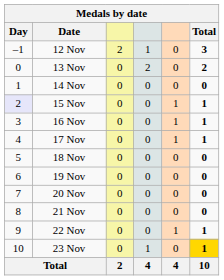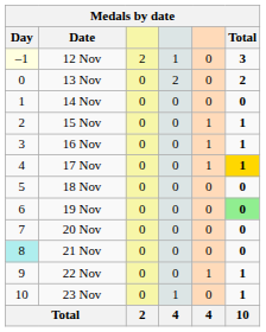 <table class="wikitable" style="font-size:90%; text-align:center;">
 <tr style="background:#efefef;">
 <th colspan=6><strong>Medals by date</strong></th>
 </tr>
 <tr>
 <th width=30><strong>Day</strong></th>
 <th width=90><strong>Date</strong></th>
 <th width=30 style="background:#F7F6A8;"></th>
 <th width=30 style="background:#DCE5E5;"></th>
 <th width=30 style="background:#FFDAB9;"></th>
 <th width=30><strong>Total</strong></th>
 </tr>
 <tr>
-<td>–1</td>
+<td style="background: lightyellow;">–1</td>
 <td>12 Nov</td>
 <td style="background:#F7F6A8;">2</td>
 <td style="background:#DCE5E5;">1</td>
 <td style="background:#FFDAB9;">0</td>
 <td><strong>3</strong></td>
 </tr>
 <tr>
 <td>0</td>
 <td>13 Nov</td>
 <td style="background:#F7F6A8;">0</td>
 <td style="background:#DCE5E5;">2</td>
 <td style="background:#FFDAB9;">0</td>
 <td><strong>2</strong></td>
 </tr>
 <tr>
 <td>1</td>
 <td>14 Nov</td>
 <td style="background:#F7F6A8;">0</td>
 <td style="background:#DCE5E5;">0</td>
 <td style="background:#FFDAB9;">0</td>
 <td><strong>0</strong></td>
 </tr>
 <tr>
-<td style="background: lavender;">2</td>
+<td>2</td>
 <td>15 Nov</td>
 <td style="background:#F7F6A8;">0</td>
 <td style="background:#DCE5E5;">0</td>
 <td style="background:#FFDAB9;">1</td>
 <td><strong>1</strong></td>
 </tr>
 <tr>
 <td>3</td>
 <td>16 Nov</td>
 <td style="background:#F7F6A8;">0</td>
 <td style="background:#DCE5E5;">0</td>
 <td style="background:#FFDAB9;">1</td>
 <td><strong>1</strong></td>
 </tr>
 <tr>
 <td>4</td>
 <td>17 Nov</td>
 <td style="background:#F7F6A8;">0</td>
 <td style="background:#DCE5E5;">0</td>
 <td style="background:#FFDAB9;">1</td>
-<td><strong>1</strong></td>
+<td style="background: gold;"><strong>1</strong></td>
 </tr>
 <tr>
 <td>5</td>
 <td>18 Nov</td>
 <td style="background:#F7F6A8;">0</td>
 <td style="background:#DCE5E5;">0</td>
 <td style="background:#FFDAB9;">0</td>
 <td><strong>0</strong></td>
 </tr>
 <tr>
 <td>6</td>
 <td>19 Nov</td>
 <td style="background:#F7F6A8;">0</td>
 <td style="background:#DCE5E5;">0</td>
 <td style="background:#FFDAB9;">0</td>
-<td><strong>0</strong></td>
+<td style="background: lightgreen;"><strong>0</strong></td>
 </tr>
 <tr>
 <td>7</td>
 <td>20 Nov</td>
 <td style="background:#F7F6A8;">0</td>
 <td style="background:#DCE5E5;">0</td>
 <td style="background:#FFDAB9;">0</td>
 <td><strong>0</strong></td>
 </tr>
 <tr>
-<td>8</td>
+<td style="background: paleturquoise;">8</td>
 <td>21 Nov</td>
 <td style="background:#F7F6A8;">0</td>
 <td style="background:#DCE5E5;">0</td>
 <td style="background:#FFDAB9;">0</td>
 <td><strong>0</strong></td>
 </tr>
 <tr>
 <td>9</td>
 <td>22 Nov</td>
 <td style="background:#F7F6A8;">0</td>
 <td style="background:#DCE5E5;">0</td>
 <td style="background:#FFDAB9;">1</td>
 <td><strong>1</strong></td>
 </tr>
 <tr>
 <td>10</td>
 <td>23 Nov</td>
 <td style="background:#F7F6A8;">0</td>
 <td style="background:#DCE5E5;">1</td>
 <td style="background:#FFDAB9;">0</td>
-<td style="background: gold;"><strong>1</strong></td>
+<td><strong>1</strong></td>
 </tr>
 <tr>
 <th colspan="2"><strong>Total</strong></th>
 <th><strong>2</strong></th>
 <th><strong>4</strong></th>
 <th><strong>4</strong></th>
 <th><strong>10</strong></th>
 </tr>
 </table>
